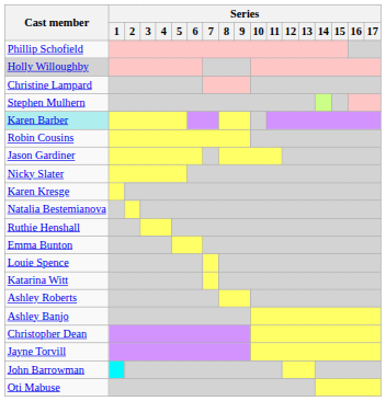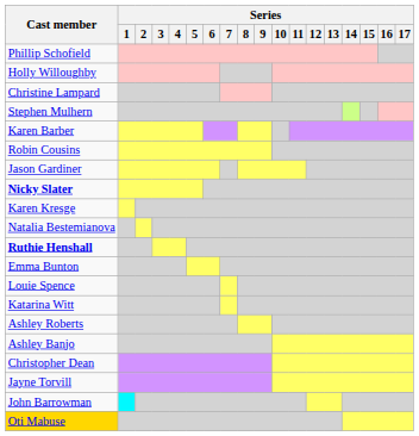 <table class="wikitable" style="margin:left; font-size:100%">
 <tr>
 <th rowspan="2">Cast member</th>
 <th colspan="17" style="text-align:center">Series</th>
 </tr>
 <tr>
 <th width="15">1</th>
 <th width="15">2</th>
 <th width="15">3</th>
 <th width="15">4</th>
 <th width="15">5</th>
 <th width="15">6</th>
 <th width="15">7</th>
 <th width="15">8</th>
 <th width="15">9</th>
 <th width="15">10</th>
 <th width="15">11</th>
 <th width="15">12</th>
 <th width="15">13</th>
 <th width="15">14</th>
 <th width="15">15</th>
 <th width="15">16</th>
 <th width="15">17</th>
 </tr>
 <tr>
 <td><a href='#'>Phillip Schofield</a></td>
 <td colspan="15" style="background:#ffc6c6"></td>
 <td colspan="2" style="background:lightgrey"></td>
 </tr>
 <tr>
-<td style="background: lightgrey;"><a href='#'>Holly Willoughby</a></td>
+<td><a href='#'>Holly Willoughby</a></td>
 <td colspan="6" style="background:#ffc6c6"></td>
 <td colspan="3" style="background:lightgrey"></td>
 <td colspan="8" style="background:#ffc6c6"></td>
 </tr>
 <tr>
 <td><a href='#'>Christine Lampard</a></td>
 <td colspan="6" style="background:lightgrey"></td>
 <td colspan="3" style="background:#ffc6c6"></td>
 <td colspan="8" style="background:lightgrey"></td>
 </tr>
 <tr>
 <td><a href='#'>Stephen Mulhern</a></td>
 <td colspan="13" style="background:lightgrey"></td>
 <td colspan="1" style="background:#ccff88"></td>
 <td colspan="1" style="background:lightgrey"></td>
 <td colspan="2" style="background:#ffc6c6"></td>
 </tr>
 <tr>
-<td style="background: paleturquoise;"><a href='#'>Karen Barber</a></td>
+<td><a href='#'>Karen Barber</a></td>
 <td colspan="5" style="background:#FF6"></td>
 <td colspan="2" style="background:#d293ff"></td>
 <td colspan="2" style="background:#FF6"></td>
 <td colspan="1" style="background:lightgrey"></td>
 <td colspan="7" style="background:#d293ff"></td>
 </tr>
 <tr>
 <td><a href='#'>Robin Cousins</a></td>
 <td colspan="9" style="background:#FF6"></td>
 <td colspan="8" style="background:lightgrey"></td>
 </tr>
 <tr>
 <td><a href='#'>Jason Gardiner</a></td>
 <td colspan="6" style="background:#FF6"></td>
 <td colspan="1" style="background:lightgrey"></td>
 <td colspan="4" style="background:#FF6"></td>
 <td colspan="6" style="background:lightgrey"></td>
 </tr>
 <tr>
-<td><a href='#'>Nicky Slater</a></td>
+<td><strong><a href='#'>Nicky Slater</a></strong></td>
 <td colspan="5" style="background:#FF6"></td>
 <td colspan="12" style="background:lightgrey"></td>
 </tr>
 <tr>
 <td><a href='#'>Karen Kresge</a></td>
 <td colspan="1" style="background:#FF6"></td>
 <td colspan="16" style="background:lightgrey"></td>
 </tr>
 <tr>
 <td><a href='#'>Natalia Bestemianova</a></td>
 <td colspan="1" style="background:lightgrey"></td>
 <td colspan="1" style="background:#FF6"></td>
 <td colspan="15" style="background:lightgrey"></td>
 </tr>
 <tr>
-<td><a href='#'>Ruthie Henshall</a></td>
+<td><strong><a href='#'>Ruthie Henshall</a></strong></td>
 <td colspan="2" style="background:lightgrey"></td>
 <td colspan="2" style="background:#FF6"></td>
 <td colspan="13" style="background:lightgrey"></td>
 </tr>
 <tr>
 <td><a href='#'>Emma Bunton</a></td>
 <td colspan="4" style="background:lightgrey"></td>
 <td colspan="2" style="background:#FF6"></td>
 <td colspan="11" style="background:lightgrey"></td>
 </tr>
 <tr>
 <td><a href='#'>Louie Spence</a></td>
 <td colspan="6" style="background:lightgrey"></td>
 <td colspan="1" style="background:#FF6"></td>
 <td colspan="10" style="background:lightgrey"></td>
 </tr>
 <tr>
 <td><a href='#'>Katarina Witt</a></td>
 <td colspan="6" style="background:lightgrey"></td>
 <td colspan="1" style="background:#FF6"></td>
 <td colspan="10" style="background:lightgrey"></td>
 </tr>
 <tr>
 <td><a href='#'>Ashley Roberts</a></td>
 <td colspan="7" style="background:lightgrey"></td>
 <td colspan="2" style="background:#FF6"></td>
 <td colspan="8" style="background:lightgrey"></td>
 </tr>
 <tr>
 <td><a href='#'>Ashley Banjo</a></td>
 <td colspan="9" style="background:lightgrey"></td>
 <td colspan="8" style="background:#FF6"></td>
 </tr>
 <tr>
 <td><a href='#'>Christopher Dean</a></td>
 <td colspan="9" style="background:#d293ff"></td>
 <td colspan="8" style="background:#FF6"></td>
 </tr>
 <tr>
 <td><a href='#'>Jayne Torvill</a></td>
 <td colspan="9" style="background:#d293ff"></td>
 <td colspan="8" style="background:#FF6"></td>
 </tr>
 <tr>
 <td><a href='#'>John Barrowman</a></td>
 <td colspan="1" style="background:#00f9ff"></td>
 <td colspan="10" style="background:lightgrey"></td>
 <td colspan="2" style="background:#FF6"></td>
 <td colspan="4" style="background:lightgrey"></td>
 </tr>
 <tr>
-<td><a href='#'>Oti Mabuse</a></td>
+<td style="background: gold;"><a href='#'>Oti Mabuse</a></td>
 <td colspan="13" style="background:lightgrey"></td>
 <td colspan="4" style="background:#FF6"></td>
 </tr>
 </table>
